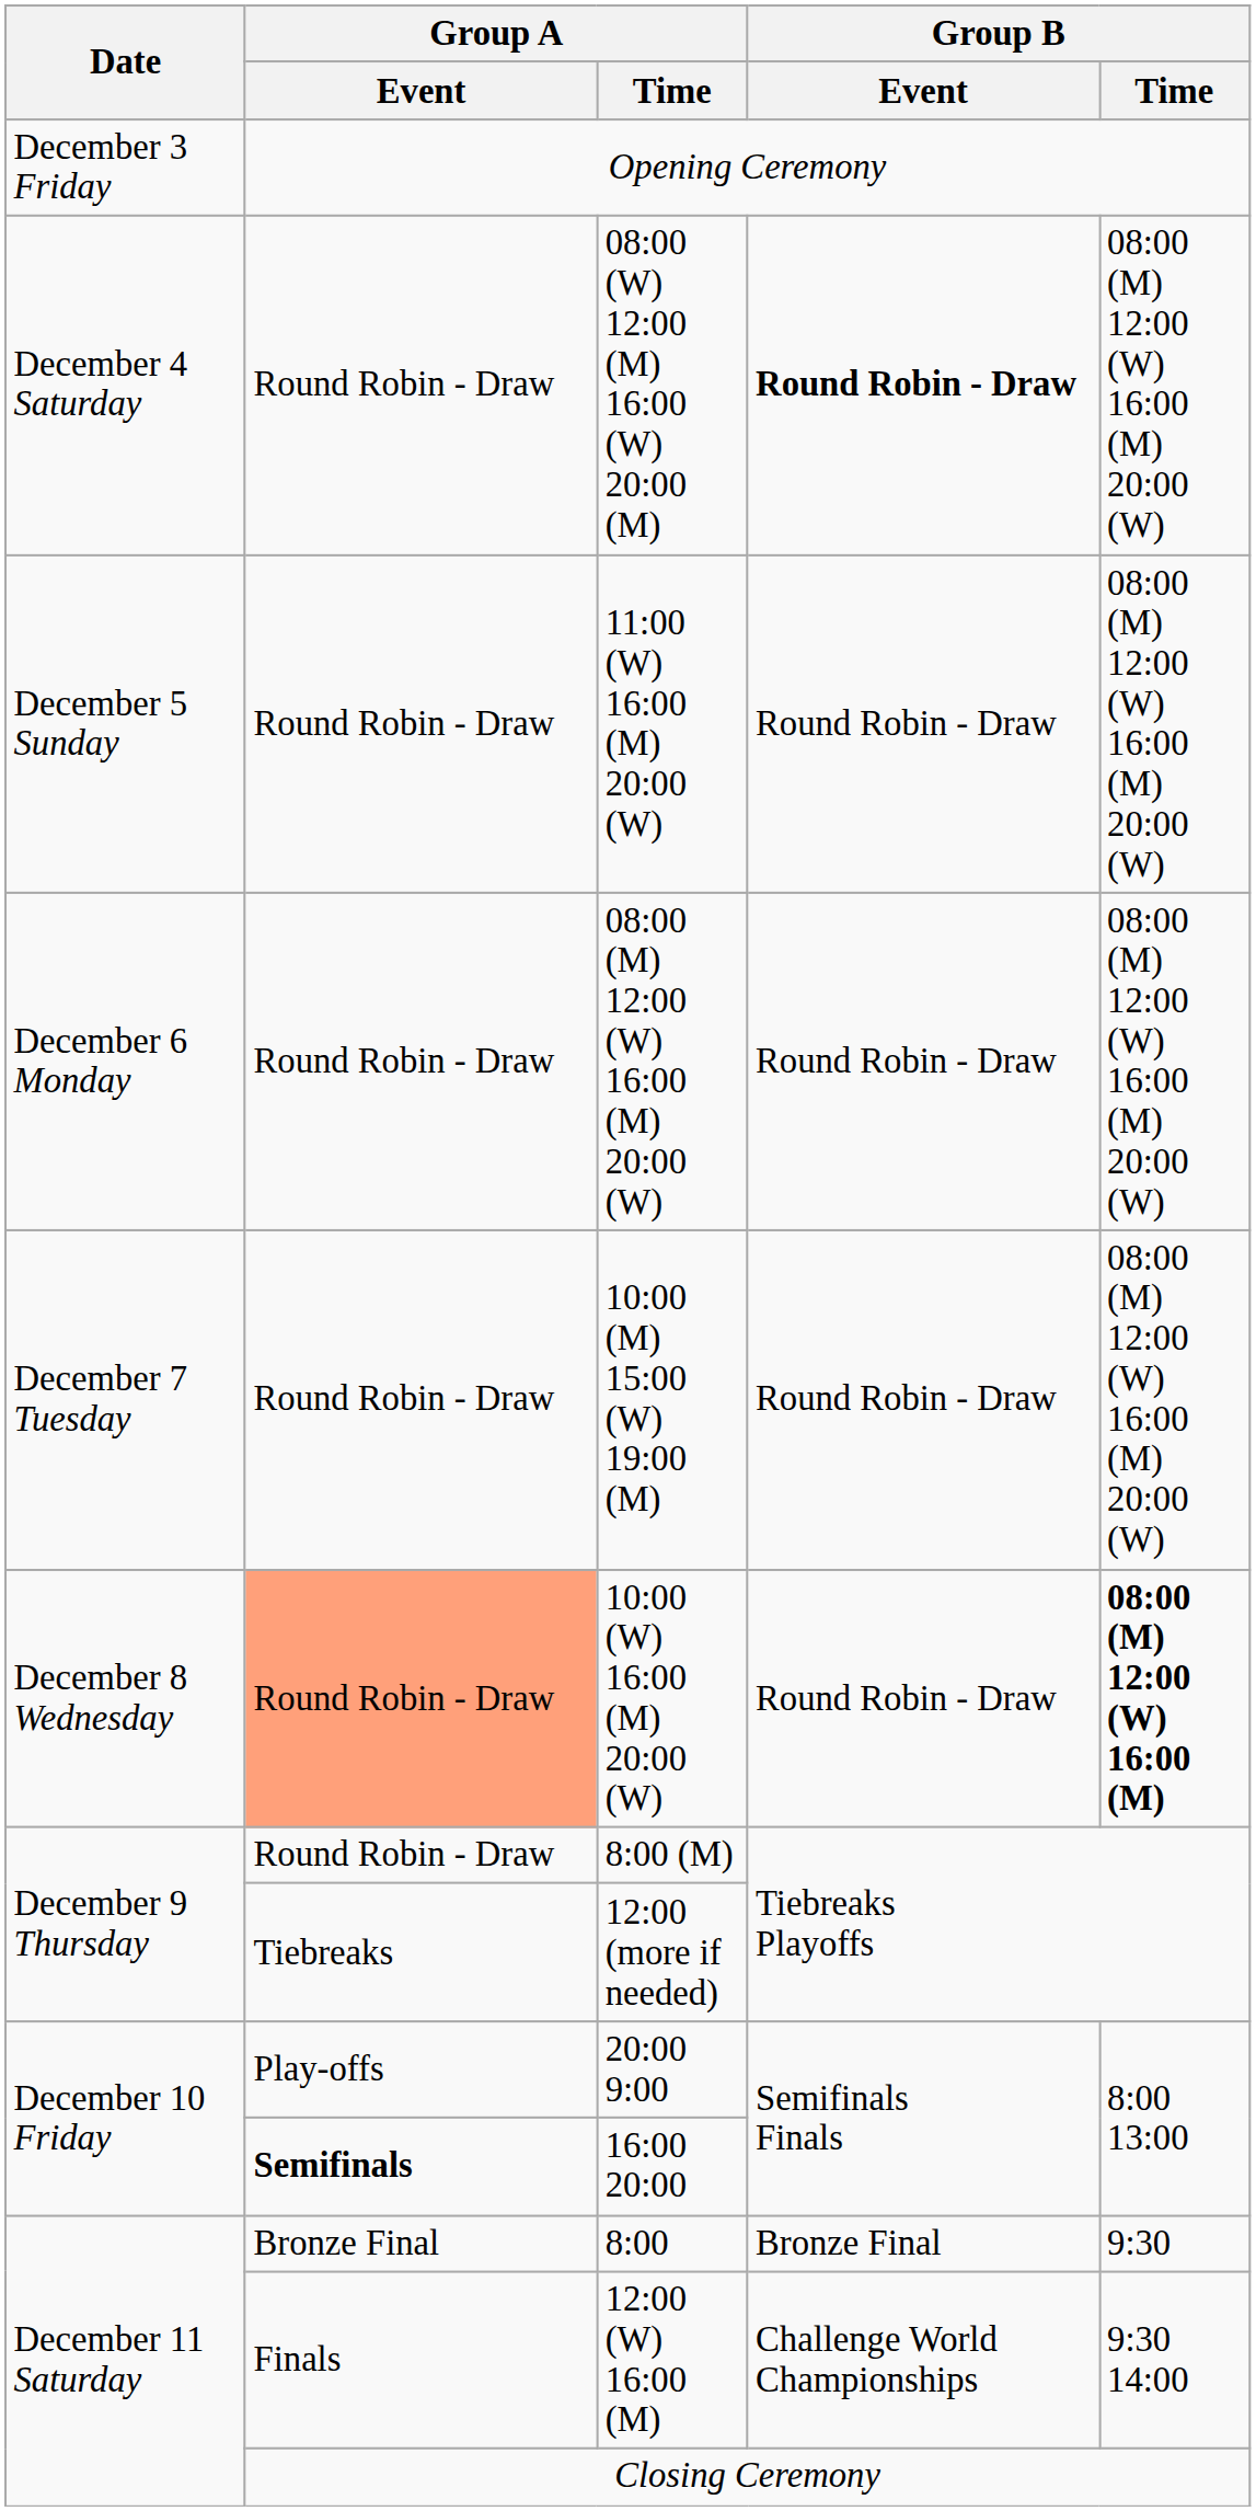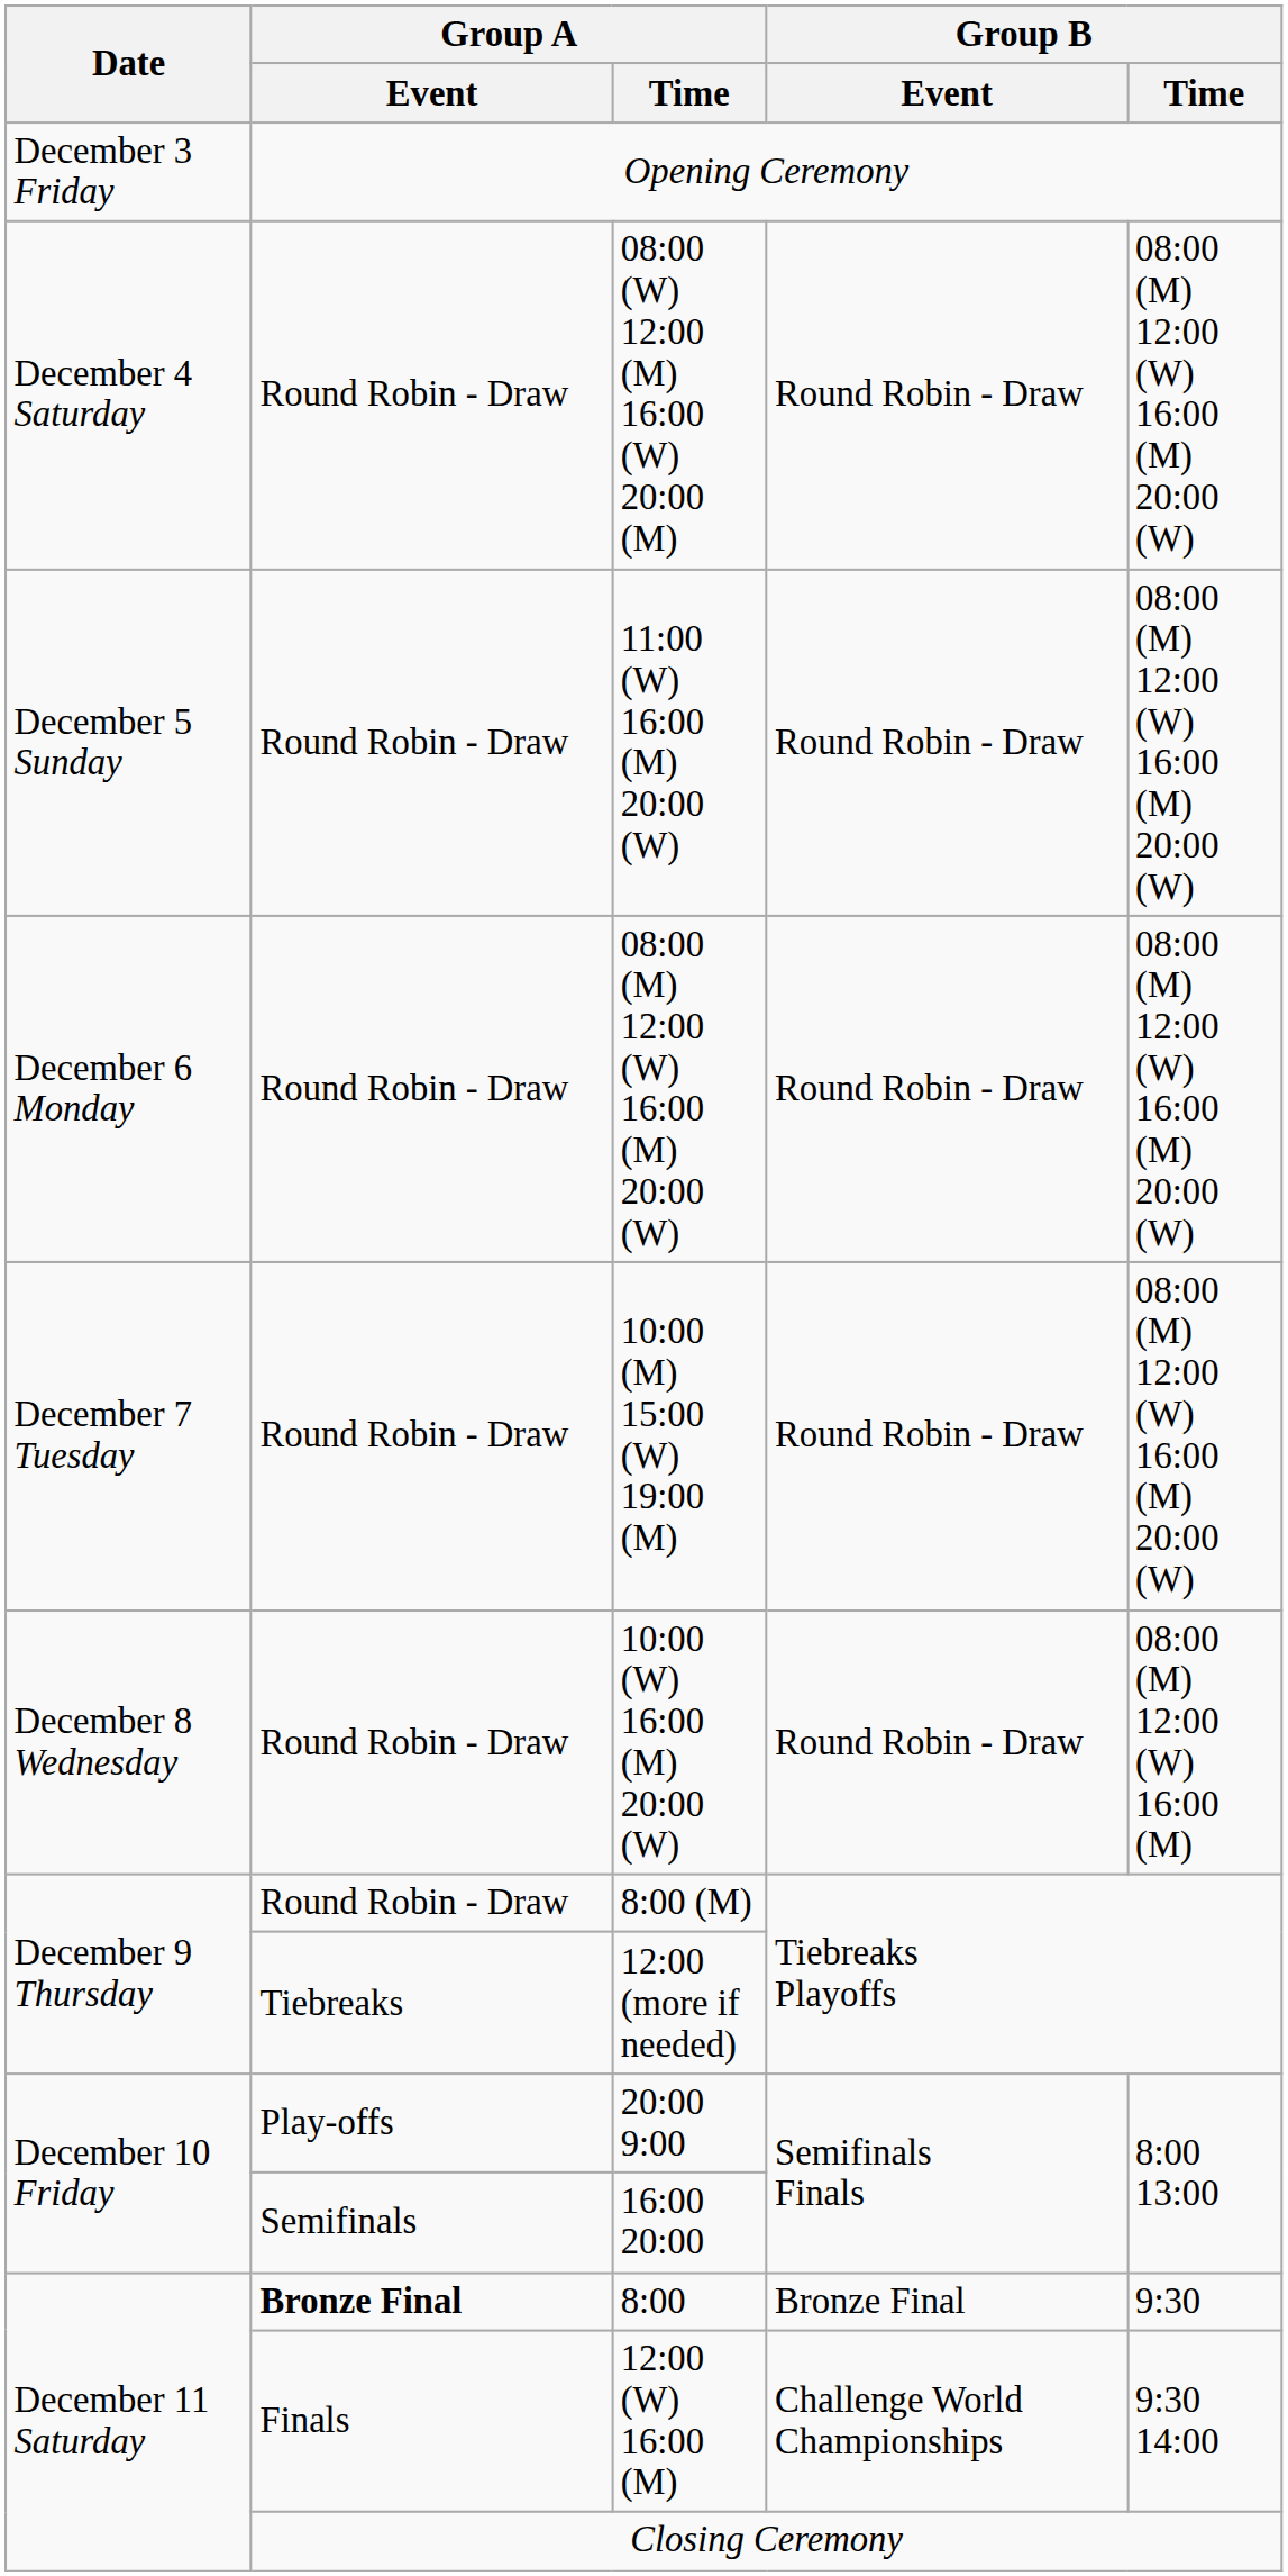 <table class="wikitable">
 <tr>
 <th width="100" rowspan=2>Date</th>
 <th colspan=2>Group A</th>
 <th colspan=2>Group B</th>
 </tr>
 <tr>
 <th width="150">Event</th>
 <th width="60">Time</th>
 <th width="150">Event</th>
 <th width="60">Time</th>
 </tr>
 <tr>
 <td>December 3 <br> <em>Friday</em></td>
 <td colspan=4 align=center><em>Opening Ceremony</em></td>
 </tr>
 <tr>
 <td>December 4 <br> <em>Saturday</em></td>
 <td>Round Robin - Draw</td>
 <td>08:00 (W) <br> 12:00 (M) <br> 16:00 (W) <br> 20:00 (M)</td>
-<td><strong>Round Robin - Draw</strong></td>
+<td>Round Robin - Draw</td>
 <td>08:00 (M) <br> 12:00 (W) <br> 16:00 (M) <br> 20:00 (W)</td>
 </tr>
 <tr>
 <td>December 5 <br> <em>Sunday</em></td>
 <td>Round Robin - Draw</td>
 <td>11:00 (W) <br> 16:00 (M) <br> 20:00 (W)</td>
 <td>Round Robin - Draw</td>
 <td>08:00 (M) <br> 12:00 (W) <br> 16:00 (M) <br> 20:00 (W)</td>
 </tr>
 <tr>
 <td>December 6 <br> <em>Monday</em></td>
 <td>Round Robin - Draw</td>
 <td>08:00 (M) <br> 12:00 (W) <br> 16:00 (M) <br> 20:00 (W)</td>
 <td>Round Robin - Draw</td>
 <td>08:00 (M) <br> 12:00 (W) <br> 16:00 (M) <br> 20:00 (W)</td>
 </tr>
 <tr>
 <td>December 7 <br> <em>Tuesday</em></td>
 <td>Round Robin - Draw</td>
 <td>10:00 (M) <br> 15:00 (W) <br> 19:00 (M)</td>
 <td>Round Robin - Draw</td>
 <td>08:00 (M) <br> 12:00 (W) <br> 16:00 (M) <br> 20:00 (W)</td>
 </tr>
 <tr>
 <td>December 8 <br> <em>Wednesday</em></td>
-<td style="background: lightsalmon;">Round Robin - Draw</td>
+<td>Round Robin - Draw</td>
 <td>10:00 (W) <br> 16:00 (M) <br> 20:00 (W)</td>
 <td>Round Robin - Draw</td>
-<td><strong>08:00 (M) <br> 12:00 (W) <br> 16:00 (M)</strong></td>
+<td>08:00 (M) <br> 12:00 (W) <br> 16:00 (M)</td>
 </tr>
 <tr>
 <td rowspan=3>December 9 <br> <em>Thursday</em></td>
 <td>Round Robin - Draw</td>
 <td>8:00 (M)</td>
 <td rowspan=3 colspan=2>Tiebreaks <br> Playoffs</td>
 </tr>
 <tr>
 <td>Tiebreaks</td>
 <td>12:00 (more if needed)</td>
 </tr>
 <tr>
 <td rowspan=2>Play-offs</td>
 <td rowspan=2>20:00 <br> 9:00</td>
 </tr>
 <tr>
 <td rowspan=2>December 10 <br> <em>Friday</em></td>
 <td rowspan=2>Semifinals <br> Finals</td>
 <td rowspan=2>8:00 <br> 13:00</td>
 </tr>
 <tr>
-<td><strong>Semifinals</strong></td>
+<td>Semifinals</td>
 <td>16:00 <br> 20:00</td>
 </tr>
 <tr>
 <td rowspan=3>December 11 <br> <em>Saturday</em></td>
-<td>Bronze Final</td>
+<td><strong>Bronze Final</strong></td>
 <td>8:00</td>
 <td>Bronze Final</td>
 <td>9:30</td>
 </tr>
 <tr>
 <td>Finals</td>
 <td>12:00 (W) <br> 16:00 (M)</td>
 <td>Challenge World Championships</td>
 <td>9:30 <br> 14:00</td>
 </tr>
 <tr>
 <td colspan=4 align=center><em>Closing Ceremony</em></td>
 </tr>
 </table>
